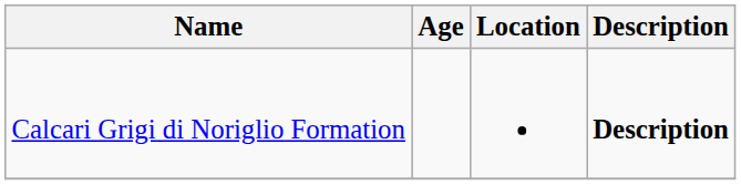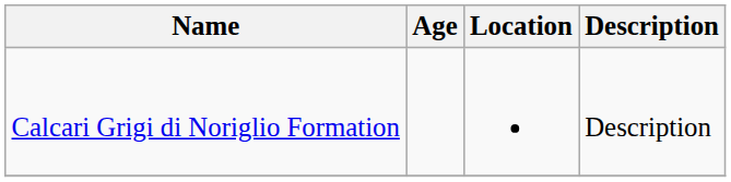 <table class="wikitable sortable">
 <tr>
 <th>Name</th>
 <th>Age</th>
 <th>Location</th>
 <th>Description</th>
 </tr>
 <tr>
 <td><br><a href='#'>Calcari Grigi di Noriglio Formation</a></td>
 <td></td>
 <td><br><ul><li></li></ul></td>
-<td><strong><br>Description</strong></td>
+<td><br>Description</td>
 </tr>
 <tr>
 </tr>
 </table>
